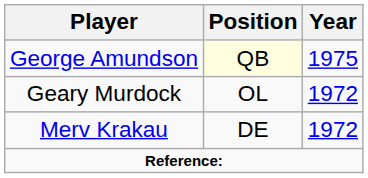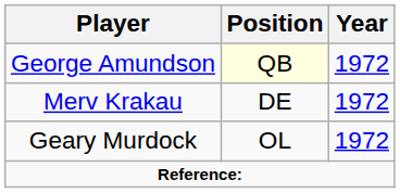 <table class="wikitable" style="text-align: center">
 <tr align=center>
 <th>Player</th>
 <th>Position</th>
 <th>Year</th>
 </tr>
 <tr align=center>
 <td><a href='#'>George Amundson</a></td>
 <td style="background: lightyellow;">QB</td>
-<td><a href='#'>1975</a></td>
-</tr>
-<tr align=center>
-<td>Geary Murdock</td>
-<td>OL</td>
 <td><a href='#'>1972</a></td>
 </tr>
 <tr align=center>
 <td><a href='#'>Merv Krakau</a></td>
 <td>DE</td>
 <td><a href='#'>1972</a></td>
 </tr>
 <tr align=center>
+<td>Geary Murdock</td>
+<td>OL</td>
+<td><a href='#'>1972</a></td>
+</tr>
+<tr align=center>
 <td colspan="3"  style="font-size:8pt; text-align:center;"><strong>Reference:</strong></td>
 </tr>
 </table>
